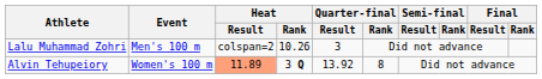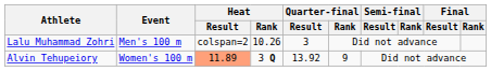 <table class="wikitable" style="font-size:90%">
 <tr>
 <th rowspan="2">Athlete</th>
 <th rowspan="2">Event</th>
 <th colspan="2">Heat</th>
 <th colspan="2">Quarter-final</th>
 <th colspan="2">Semi-final</th>
 <th colspan="2">Final</th>
 </tr>
 <tr style="font-size:95%">
 <th>Result</th>
 <th>Rank</th>
 <th>Result</th>
 <th>Rank</th>
 <th>Result</th>
 <th>Rank</th>
 <th>Result</th>
 <th>Rank</th>
 </tr>
 <tr align=center>
 <td align=left><a href='#'>Lalu Muhammad Zohri</a></td>
 <td align=left><a href='#'>Men's 100 m</a></td>
 <td>colspan=2 </td>
 <td>10.26</td>
 <td>3</td>
 <td colspan=4>Did not advance</td>
 </tr>
 <tr align=center>
 <td align=left><a href='#'>Alvin Tehupeiory</a></td>
 <td align=left><a href='#'>Women's 100 m</a></td>
 <td style="background: lightsalmon;">11.89</td>
 <td>3 <strong>Q</strong></td>
 <td>13.92</td>
-<td>8</td>
+<td>9</td>
 <td colspan=4>Did not advance</td>
 </tr>
 </table>
